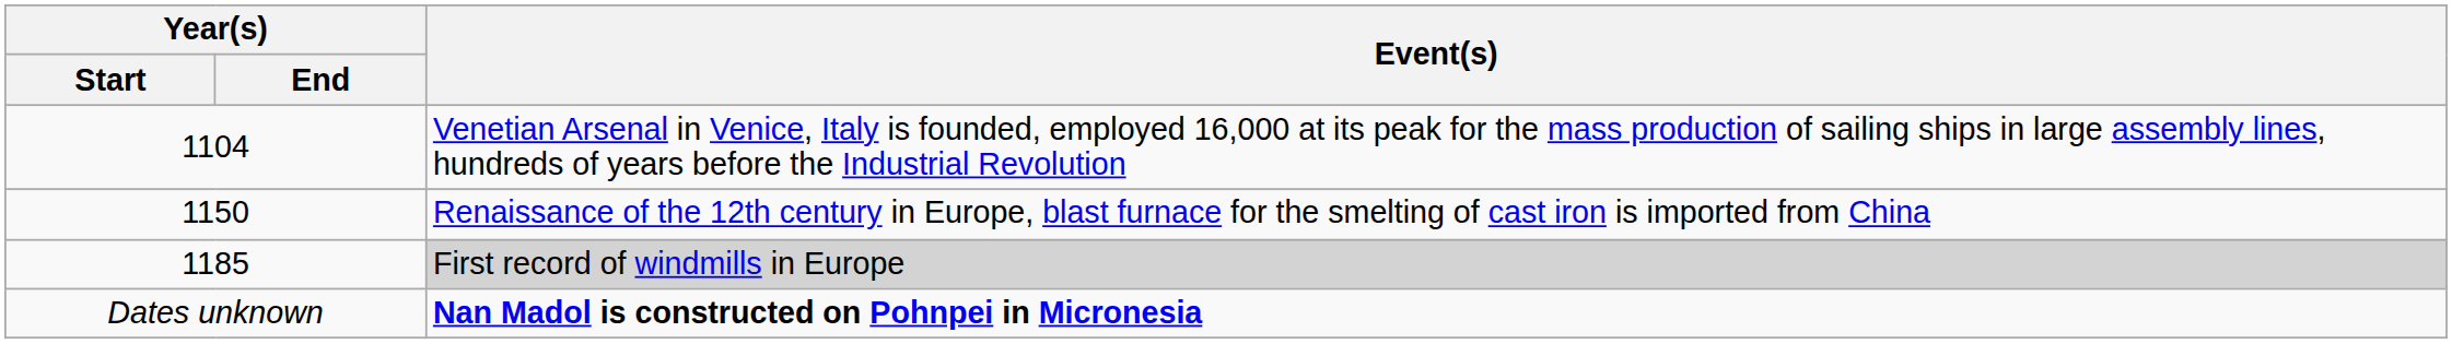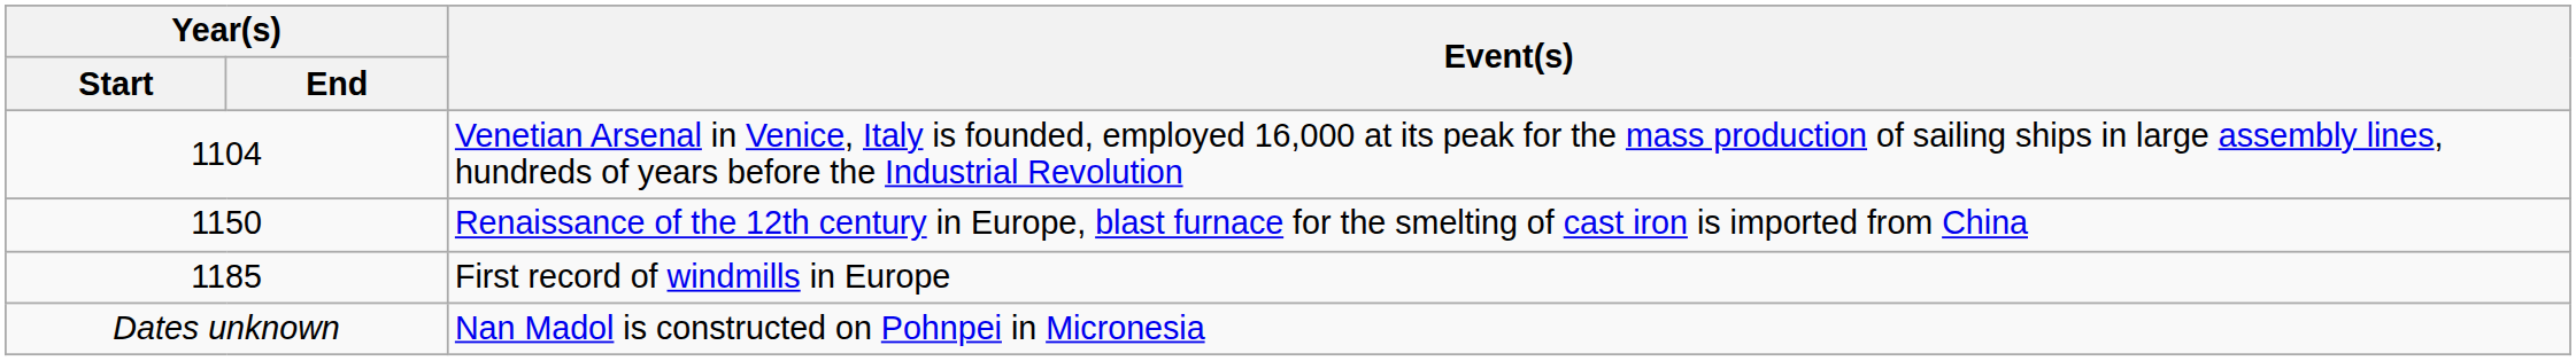 <table class="wikitable">
 <tr>
 <th colspan="2">Year(s)</th>
 <th rowspan="2">Event(s)</th>
 </tr>
 <tr>
 <th style="width:100px;">Start</th>
 <th style="width:100px;">End</th>
 </tr>
 <tr>
 <td colspan="2" style="text-align:center;">1104</td>
 <td><a href='#'>Venetian Arsenal</a> in <a href='#'>Venice</a>, <a href='#'>Italy</a> is founded, employed 16,000 at its peak for the <a href='#'>mass production</a> of sailing ships in large <a href='#'>assembly lines</a>, hundreds of years before the <a href='#'>Industrial Revolution</a></td>
 </tr>
 <tr>
 <td colspan="2" style="text-align:center;">1150</td>
 <td><a href='#'>Renaissance of the 12th century</a> in Europe, <a href='#'>blast furnace</a> for the smelting of <a href='#'>cast iron</a> is imported from <a href='#'>China</a></td>
 </tr>
 <tr>
 <td colspan="2" style="text-align:center;">1185</td>
-<td style="background: lightgrey;">First record of <a href='#'>windmills</a> in Europe</td>
+<td>First record of <a href='#'>windmills</a> in Europe</td>
 </tr>
 <tr>
 <td colspan="2" style="text-align:center;"><em>Dates unknown</em></td>
-<td><strong><a href='#'>Nan Madol</a> is constructed on <a href='#'>Pohnpei</a> in <a href='#'>Micronesia</a></strong></td>
+<td><a href='#'>Nan Madol</a> is constructed on <a href='#'>Pohnpei</a> in <a href='#'>Micronesia</a></td>
 </tr>
 </table>
